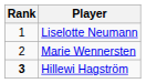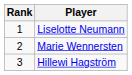 <table class="wikitable" style="font-size:95%;">
 <tr>
 <th>Rank</th>
 <th>Player</th>
 </tr>
 <tr>
 <td align=center>1</td>
 <td> <a href='#'>Liselotte Neumann</a></td>
 </tr>
 <tr>
 <td align=center>2</td>
 <td> <a href='#'>Marie Wennersten</a></td>
 </tr>
 <tr>
-<td align=center><strong>3</strong></td>
+<td align=center>3</td>
 <td> <a href='#'>Hillewi Hagström</a></td>
 </tr>
 </table>
